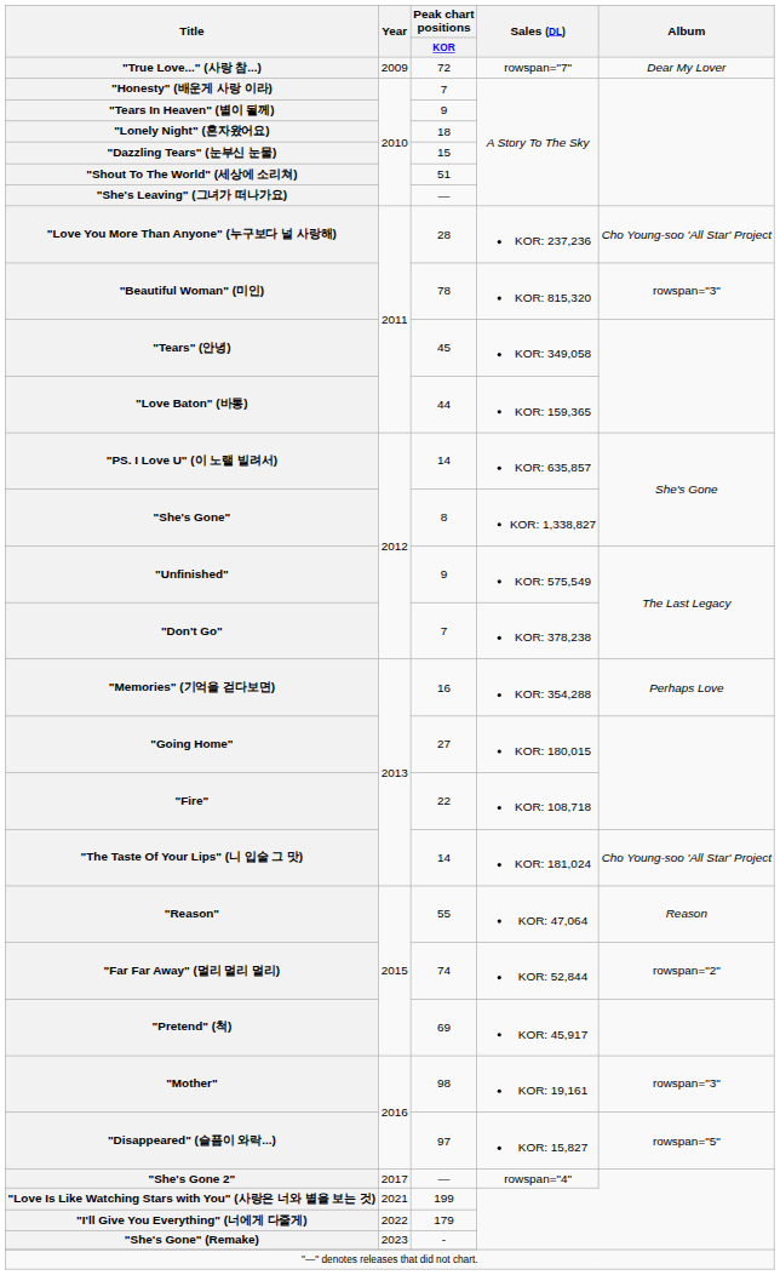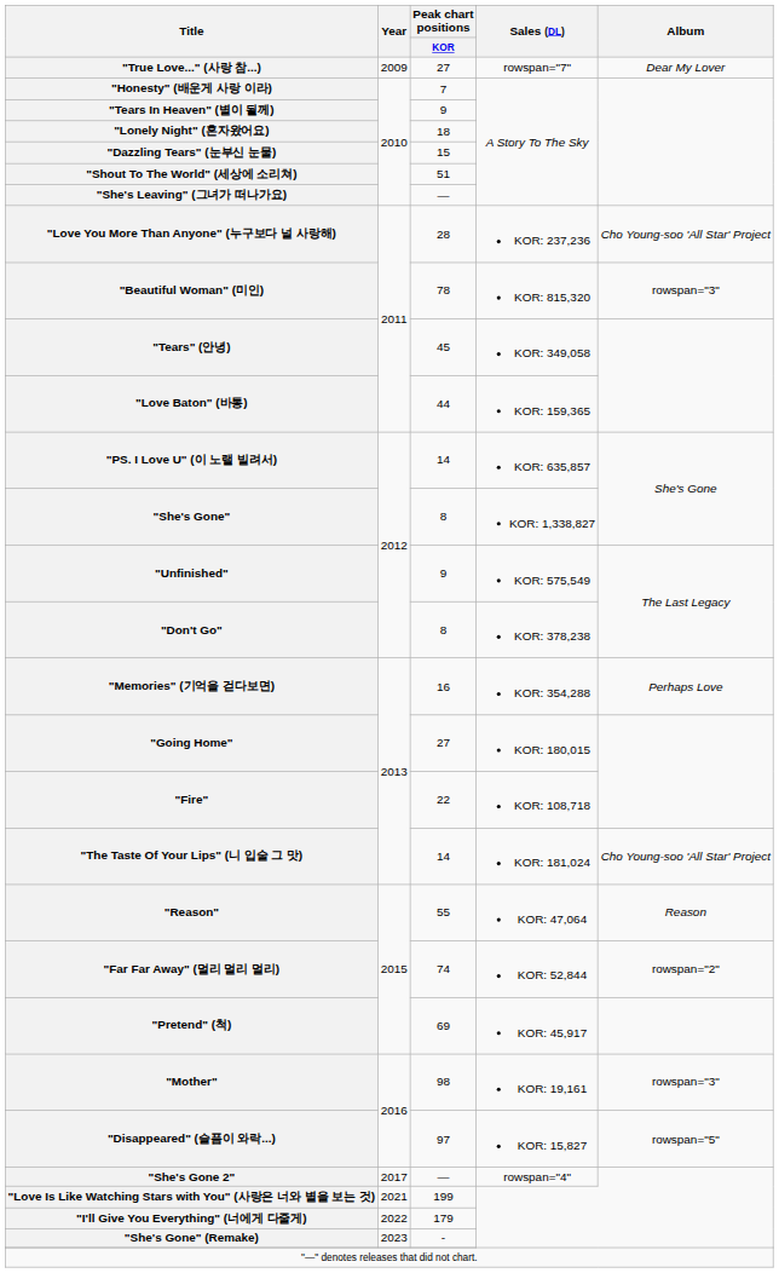 <table class="wikitable plainrowheaders" style="text-align:center;">
 <tr>
 <th scope="col" rowspan="2">Title</th>
 <th scope="col" rowspan="2">Year</th>
 <th scope="col" colspan="1">Peak chart <br> positions</th>
 <th scope="col" rowspan="2">Sales <small>(<a href='#'>DL</a>)</small></th>
 <th scope="col" rowspan="2">Album</th>
 </tr>
 <tr>
 <th><small><a href='#'>KOR</a></small><br></th>
 </tr>
 <tr>
 <th scope="row">"True Love..." (사랑 참...)</th>
 <td>2009</td>
-<td>72</td>
+<td>27</td>
 <td>rowspan="7" </td>
 <td><em>Dear My Lover</em></td>
 </tr>
 <tr>
 <th scope="row">"Honesty" (배운게 사랑 이라)</th>
 <td rowspan="6">2010</td>
 <td>7</td>
 <td rowspan="6"><em>A Story To The Sky </em></td>
 </tr>
 <tr>
 <th scope="row">"Tears In Heaven" (별이 될께)</th>
 <td>9</td>
 </tr>
 <tr>
 <th scope="row">"Lonely Night" (혼자왔어요)</th>
 <td>18</td>
 </tr>
 <tr>
 <th scope="row">"Dazzling Tears" (눈부신 눈물)</th>
 <td>15</td>
 </tr>
 <tr>
 <th scope="row">"Shout To The World" (세상에 소리쳐)</th>
 <td>51</td>
 </tr>
 <tr>
 <th scope="row">"She's Leaving" (그녀가 떠나가요)</th>
 <td>—</td>
 </tr>
 <tr>
 <th scope="row">"Love You More Than Anyone" (누구보다 널 사랑해)</th>
 <td rowspan="4">2011</td>
 <td>28</td>
 <td><br><ul><li>KOR: 237,236</li></ul></td>
 <td><em>Cho Young-soo 'All Star' Project</em></td>
 </tr>
 <tr>
 <th scope="row">"Beautiful Woman" (미인)</th>
 <td>78</td>
 <td><br><ul><li>KOR: 815,320</li></ul></td>
 <td>rowspan="3" </td>
 </tr>
 <tr>
 <th scope="row">"Tears" (안녕)</th>
 <td>45</td>
 <td><br><ul><li>KOR: 349,058</li></ul></td>
 </tr>
 <tr>
 <th scope="row">"Love Baton" (바통)</th>
 <td>44</td>
 <td><br><ul><li>KOR: 159,365</li></ul></td>
 </tr>
 <tr>
 <th scope="row">"PS. I Love U" (이 노랠 빌려서)</th>
 <td rowspan="4">2012</td>
 <td>14</td>
 <td><br><ul><li>KOR: 635,857</li></ul></td>
 <td rowspan="2"><em>She's Gone</em></td>
 </tr>
 <tr>
 <th scope="row">"She's Gone"</th>
 <td>8</td>
 <td><br><ul><li>KOR: 1,338,827</li></ul></td>
 </tr>
 <tr>
 <th scope="row">"Unfinished"</th>
 <td>9</td>
 <td><br><ul><li>KOR: 575,549</li></ul></td>
 <td rowspan="2"><em>The Last Legacy</em></td>
 </tr>
 <tr>
 <th scope="row">"Don't Go"</th>
-<td>7</td>
+<td>8</td>
 <td><br><ul><li>KOR: 378,238</li></ul></td>
 </tr>
 <tr>
 <th scope="row">"Memories" (기억을 걷다보면)</th>
 <td rowspan="4">2013</td>
 <td>16</td>
 <td><br><ul><li>KOR: 354,288</li></ul></td>
 <td><em>Perhaps Love</em></td>
 </tr>
 <tr>
 <th scope="row">"Going Home"</th>
 <td>27</td>
 <td><br><ul><li>KOR: 180,015</li></ul></td>
 </tr>
 <tr>
 <th scope="row">"Fire"</th>
 <td>22</td>
 <td><br><ul><li>KOR: 108,718</li></ul></td>
 </tr>
 <tr>
 <th scope="row">"The Taste Of Your Lips" (니 입술 그 맛)</th>
 <td>14</td>
 <td><br><ul><li>KOR: 181,024</li></ul></td>
 <td><em>Cho Young-soo 'All Star' Project</em></td>
 </tr>
 <tr>
 <th scope="row">"Reason"</th>
 <td rowspan="3">2015</td>
 <td>55</td>
 <td><br><ul><li>KOR: 47,064</li></ul></td>
 <td><em>Reason</em></td>
 </tr>
 <tr>
 <th scope="row">"Far Far Away" (멀리 멀리 멀리)</th>
 <td>74</td>
 <td><br><ul><li>KOR: 52,844</li></ul></td>
 <td>rowspan="2" </td>
 </tr>
 <tr>
 <th scope="row">"Pretend" (척)</th>
 <td>69</td>
 <td><br><ul><li>KOR: 45,917</li></ul></td>
 </tr>
 <tr>
 <th scope="row">"Mother"</th>
 <td rowspan="2">2016</td>
 <td>98</td>
 <td><br><ul><li>KOR: 19,161</li></ul></td>
 <td>rowspan="3" </td>
 </tr>
 <tr>
 <th scope="row">"Disappeared" (슬픔이 와락...)</th>
 <td>97</td>
 <td><br><ul><li>KOR: 15,827</li></ul></td>
 <td>rowspan="5" </td>
 </tr>
 <tr>
 <th scope="row">"She's Gone 2"</th>
 <td>2017</td>
 <td>—</td>
 <td>rowspan="4" </td>
 </tr>
 <tr>
 <th scope="row">"Love Is Like Watching Stars with You" (사랑은 너와 별을 보는 것)</th>
 <td>2021</td>
 <td>199</td>
 </tr>
 <tr>
 <th scope="row">"I'll Give You Everything" (너에게 다줄게)<br></th>
 <td>2022</td>
 <td>179</td>
 </tr>
 <tr>
 <th scope="row">"She's Gone" (Remake)<br></th>
 <td>2023</td>
 <td>-</td>
 </tr>
 <tr>
 </tr>
 <tr>
 <td colspan="5" align="center"><small>"—" denotes releases that did not chart.</small></td>
 </tr>
 </table>
